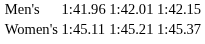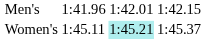 <table>
 <tr>
 <td>Men's<br></td>
 <td> 1:41.96</td>
 <td> 1:42.01</td>
 <td> 1:42.15</td>
 </tr>
 <tr>
 <td>Women's<br></td>
 <td>  1:45.11</td>
-<td> 1:45.21</td>
+<td style="background: paleturquoise;"> 1:45.21</td>
 <td> 1:45.37</td>
 </tr>
 </table>
